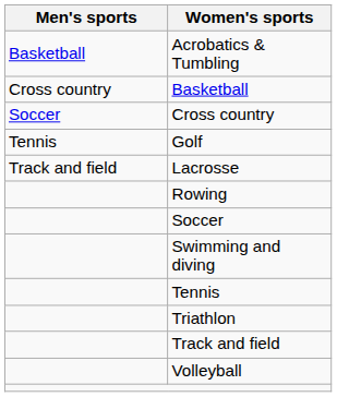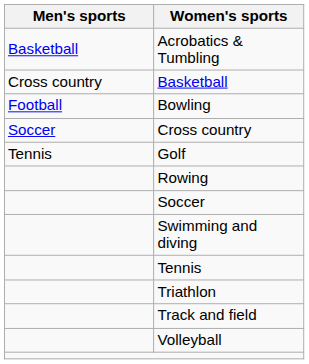 <table class="wikitable"; style= "text-align: ">
 <tr>
 <th width=150px>Men's sports</th>
 <th width=150px>Women's sports</th>
 </tr>
 <tr>
 <td><a href='#'>Basketball</a></td>
 <td>Acrobatics & Tumbling</td>
 </tr>
 <tr>
 <td>Cross country</td>
 <td><a href='#'>Basketball</a></td>
 </tr>
 <tr>
+<td><a href='#'>Football</a></td>
+<td>Bowling</td>
+</tr>
+<tr>
 <td><a href='#'>Soccer</a></td>
 <td>Cross country</td>
 </tr>
 <tr>
 <td>Tennis</td>
 <td>Golf</td>
-</tr>
-<tr>
-<td>Track and field</td>
-<td>Lacrosse</td>
 </tr>
 <tr>
 <td></td>
 <td>Rowing</td>
 </tr>
 <tr>
 <td></td>
 <td>Soccer</td>
 </tr>
 <tr>
 <td></td>
 <td>Swimming and diving</td>
 </tr>
 <tr>
 <td></td>
 <td>Tennis</td>
 </tr>
 <tr>
 <td></td>
 <td>Triathlon</td>
 </tr>
 <tr>
 <td></td>
 <td>Track and field</td>
 </tr>
 <tr>
 <td></td>
 <td>Volleyball</td>
 </tr>
 <tr>
 <td colspan="2"></td>
 </tr>
 </table>
